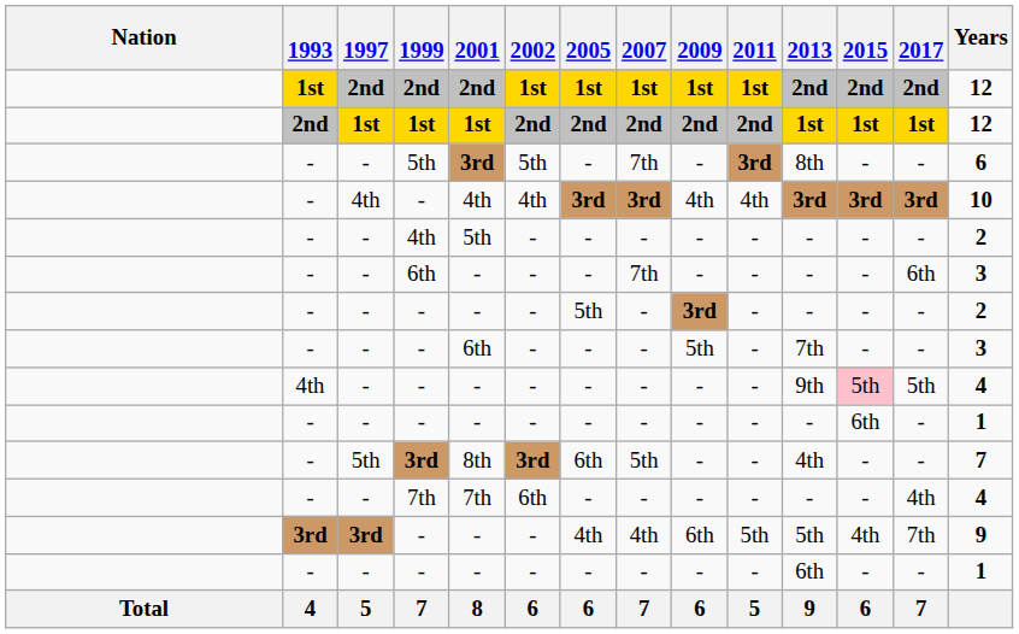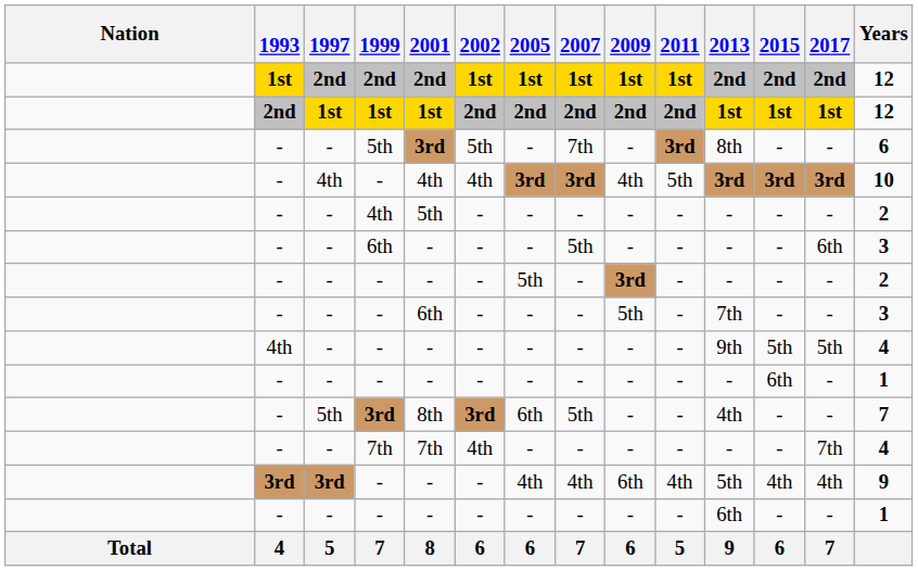 <table class="wikitable" style="text-align:center; font-size:90%">
 <tr>
 <th width=170>Nation</th>
 <th><br><a href='#'>1993</a></th>
 <th><br><a href='#'>1997</a></th>
 <th><br><a href='#'>1999</a></th>
 <th><br><a href='#'>2001</a></th>
 <th><br><a href='#'>2002</a></th>
 <th><br><a href='#'>2005</a></th>
 <th><br><a href='#'>2007</a></th>
 <th><br><a href='#'>2009</a></th>
 <th><br><a href='#'>2011</a></th>
 <th><br><a href='#'>2013</a></th>
 <th><br><a href='#'>2015</a></th>
 <th><br><a href='#'>2017</a></th>
 <th>Years</th>
 </tr>
 <tr>
 <td align=left></td>
 <td bgcolor=gold><strong>1st</strong></td>
 <td bgcolor=silver><strong>2nd</strong></td>
 <td bgcolor=silver><strong>2nd</strong></td>
 <td bgcolor=silver><strong>2nd</strong></td>
 <td bgcolor=gold><strong>1st</strong></td>
 <td bgcolor=gold><strong>1st</strong></td>
 <td bgcolor=gold><strong>1st</strong></td>
 <td bgcolor=gold><strong>1st</strong></td>
 <td bgcolor=gold><strong>1st</strong></td>
 <td bgcolor=silver><strong>2nd</strong></td>
 <td bgcolor=silver><strong>2nd</strong></td>
 <td bgcolor=silver><strong>2nd</strong></td>
 <td><strong>12</strong></td>
 </tr>
 <tr>
 <td align=left></td>
 <td bgcolor=silver><strong>2nd</strong></td>
 <td bgcolor=gold><strong>1st</strong></td>
 <td bgcolor=gold><strong>1st</strong></td>
 <td bgcolor=gold><strong>1st</strong></td>
 <td bgcolor=silver><strong>2nd</strong></td>
 <td bgcolor=silver><strong>2nd</strong></td>
 <td bgcolor=silver><strong>2nd</strong></td>
 <td bgcolor=silver><strong>2nd</strong></td>
 <td bgcolor=silver><strong>2nd</strong></td>
 <td bgcolor=gold><strong>1st</strong></td>
 <td bgcolor=gold><strong>1st</strong></td>
 <td bgcolor=gold><strong>1st</strong></td>
 <td><strong>12</strong></td>
 </tr>
 <tr>
 <td align=left></td>
 <td>-</td>
 <td>-</td>
 <td>5th</td>
 <td bgcolor=#cc9966><strong>3rd</strong></td>
 <td>5th</td>
 <td>-</td>
 <td>7th</td>
 <td>-</td>
 <td bgcolor=#cc9966><strong>3rd</strong></td>
 <td>8th</td>
 <td>-</td>
 <td>-</td>
 <td><strong>6</strong></td>
 </tr>
 <tr>
 <td align=left></td>
 <td>-</td>
 <td>4th</td>
 <td>-</td>
 <td>4th</td>
 <td>4th</td>
 <td bgcolor=#cc9966><strong>3rd</strong></td>
 <td bgcolor=#cc9966><strong>3rd</strong></td>
 <td>4th</td>
-<td>4th</td>
+<td>5th</td>
 <td bgcolor=#cc9966><strong>3rd</strong></td>
 <td bgcolor=#cc9966><strong>3rd</strong></td>
 <td bgcolor=#cc9966><strong>3rd</strong></td>
 <td><strong>10</strong></td>
 </tr>
 <tr>
 <td align=left></td>
 <td>-</td>
 <td>-</td>
 <td>4th</td>
 <td>5th</td>
 <td>-</td>
 <td>-</td>
 <td>-</td>
 <td>-</td>
 <td>-</td>
 <td>-</td>
 <td>-</td>
 <td>-</td>
 <td><strong>2</strong></td>
 </tr>
 <tr>
 <td align=left></td>
 <td>-</td>
 <td>-</td>
 <td>6th</td>
 <td>-</td>
 <td>-</td>
 <td>-</td>
-<td>7th</td>
+<td>5th</td>
 <td>-</td>
 <td>-</td>
 <td>-</td>
 <td>-</td>
 <td>6th</td>
 <td><strong>3</strong></td>
 </tr>
 <tr>
 <td align=left></td>
 <td>-</td>
 <td>-</td>
 <td>-</td>
 <td>-</td>
 <td>-</td>
 <td>5th</td>
 <td>-</td>
 <td bgcolor=#cc9966><strong>3rd</strong></td>
 <td>-</td>
 <td>-</td>
 <td>-</td>
 <td>-</td>
 <td><strong>2</strong></td>
 </tr>
 <tr>
 <td align=left></td>
 <td>-</td>
 <td>-</td>
 <td>-</td>
 <td>6th</td>
 <td>-</td>
 <td>-</td>
 <td>-</td>
 <td>5th</td>
 <td>-</td>
 <td>7th</td>
 <td>-</td>
 <td>-</td>
 <td><strong>3</strong></td>
 </tr>
 <tr>
 <td align=left></td>
 <td>4th</td>
 <td>-</td>
 <td>-</td>
 <td>-</td>
 <td>-</td>
 <td>-</td>
 <td>-</td>
 <td>-</td>
 <td>-</td>
 <td>9th</td>
-<td style="background: pink;">5th</td>
+<td>5th</td>
 <td>5th</td>
 <td><strong>4</strong></td>
 </tr>
 <tr>
 <td align=left></td>
 <td>-</td>
 <td>-</td>
 <td>-</td>
 <td>-</td>
 <td>-</td>
 <td>-</td>
 <td>-</td>
 <td>-</td>
 <td>-</td>
 <td>-</td>
 <td>6th</td>
 <td>-</td>
 <td><strong>1</strong></td>
 </tr>
 <tr>
 <td align=left></td>
 <td>-</td>
 <td>5th</td>
 <td bgcolor=#cc9966><strong>3rd</strong></td>
 <td>8th</td>
 <td bgcolor=#cc9966><strong>3rd</strong></td>
 <td>6th</td>
 <td>5th</td>
 <td>-</td>
 <td>-</td>
 <td>4th</td>
 <td>-</td>
 <td>-</td>
 <td><strong>7</strong></td>
 </tr>
 <tr>
 <td align=left></td>
 <td>-</td>
 <td>-</td>
 <td>7th</td>
 <td>7th</td>
-<td>6th</td>
+<td>4th</td>
 <td>-</td>
 <td>-</td>
 <td>-</td>
 <td>-</td>
 <td>-</td>
 <td>-</td>
-<td>4th</td>
+<td>7th</td>
 <td><strong>4</strong></td>
 </tr>
 <tr>
 <td align=left></td>
 <td bgcolor=#cc9966><strong>3rd</strong></td>
 <td bgcolor=#cc9966><strong>3rd</strong></td>
 <td>-</td>
 <td>-</td>
 <td>-</td>
 <td>4th</td>
 <td>4th</td>
 <td>6th</td>
-<td>5th</td>
+<td>4th</td>
 <td>5th</td>
 <td>4th</td>
-<td>7th</td>
+<td>4th</td>
 <td><strong>9</strong></td>
 </tr>
 <tr>
 <td align=left></td>
 <td>-</td>
 <td>-</td>
 <td>-</td>
 <td>-</td>
 <td>-</td>
 <td>-</td>
 <td>-</td>
 <td>-</td>
 <td>-</td>
 <td>6th</td>
 <td>-</td>
 <td>-</td>
 <td><strong>1</strong></td>
 </tr>
 <tr>
 <th>Total</th>
 <th>4</th>
 <th>5</th>
 <th>7</th>
 <th>8</th>
 <th>6</th>
 <th>6</th>
 <th>7</th>
 <th>6</th>
 <th>5</th>
 <th>9</th>
 <th>6</th>
 <th>7</th>
 <th></th>
 </tr>
 </table>
